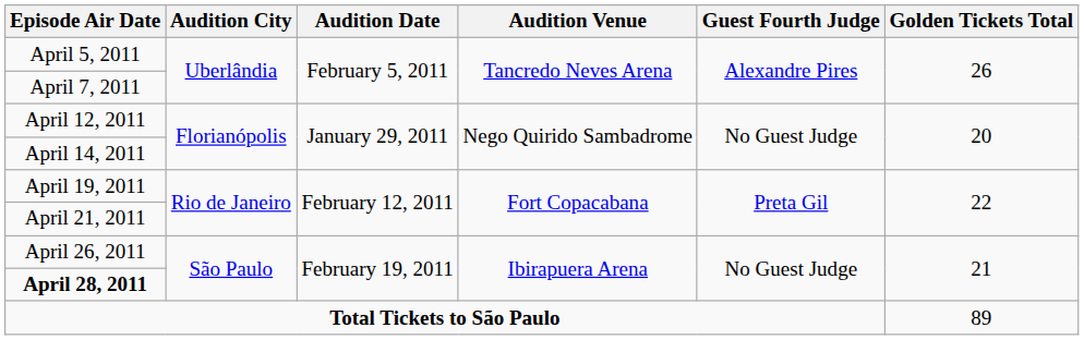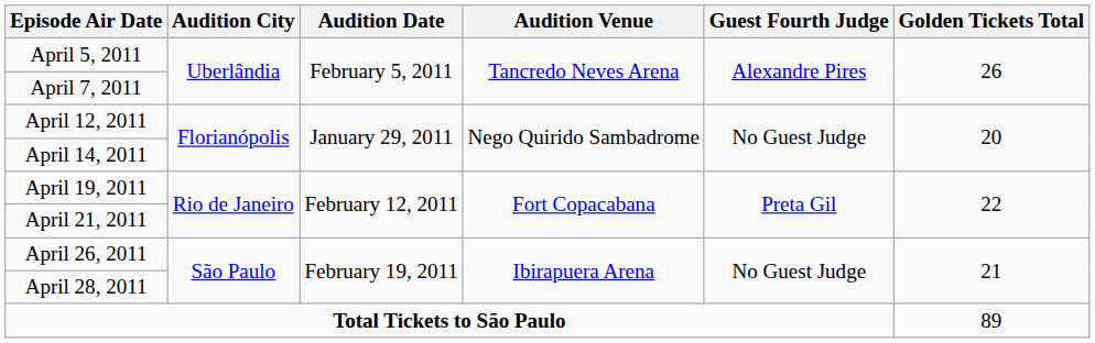 <table class=wikitable style=text-align:center;>
 <tr>
 <th>Episode Air Date</th>
 <th>Audition City</th>
 <th>Audition Date</th>
 <th>Audition Venue</th>
 <th>Guest Fourth Judge</th>
 <th>Golden Tickets Total</th>
 </tr>
 <tr>
 <td>April 5, 2011</td>
 <td rowspan=2><a href='#'>Uberlândia</a></td>
 <td rowspan=2>February 5, 2011</td>
 <td rowspan=2><a href='#'>Tancredo Neves Arena</a></td>
 <td rowspan=2><a href='#'>Alexandre Pires</a></td>
 <td rowspan=2>26</td>
 </tr>
 <tr>
 <td>April 7, 2011</td>
 </tr>
 <tr>
 <td>April 12, 2011</td>
 <td rowspan=2><a href='#'>Florianópolis</a></td>
 <td rowspan=2>January 29, 2011</td>
 <td rowspan=2>Nego Quirido Sambadrome</td>
 <td rowspan=2>No Guest Judge</td>
 <td rowspan=2>20</td>
 </tr>
 <tr>
 <td>April 14, 2011</td>
 </tr>
 <tr>
 <td>April 19, 2011</td>
 <td rowspan=2><a href='#'>Rio de Janeiro</a></td>
 <td rowspan=2>February 12, 2011</td>
 <td rowspan=2><a href='#'>Fort Copacabana</a></td>
 <td rowspan=2><a href='#'>Preta Gil</a></td>
 <td rowspan=2>22</td>
 </tr>
 <tr>
 <td>April 21, 2011</td>
 </tr>
 <tr>
 <td>April 26, 2011</td>
 <td rowspan=2><a href='#'>São Paulo</a></td>
 <td rowspan=2>February 19, 2011</td>
 <td rowspan=2><a href='#'>Ibirapuera Arena</a></td>
 <td rowspan=2>No Guest Judge</td>
 <td rowspan=2>21</td>
 </tr>
 <tr>
-<td><strong>April 28, 2011</strong></td>
+<td>April 28, 2011</td>
 </tr>
 <tr>
 <td colspan=5><strong>Total Tickets to São Paulo</strong></td>
 <td>89</td>
 </tr>
 </table>
